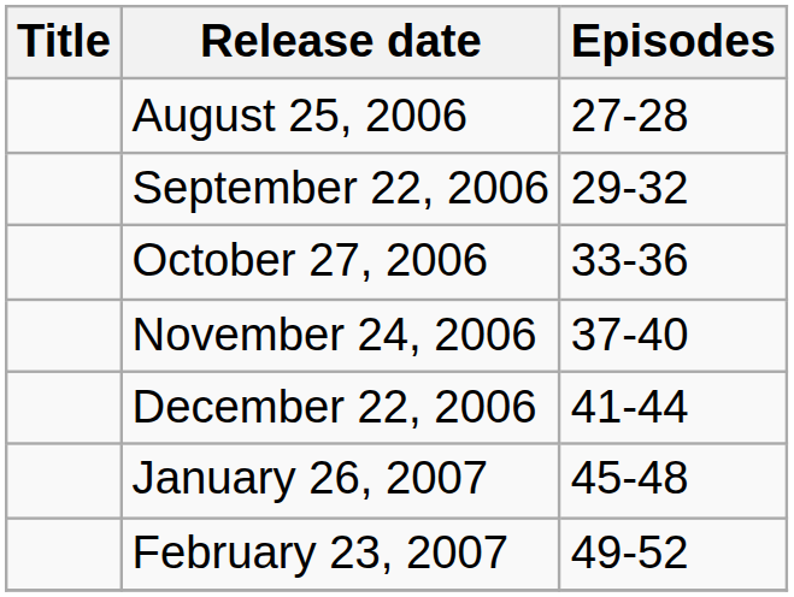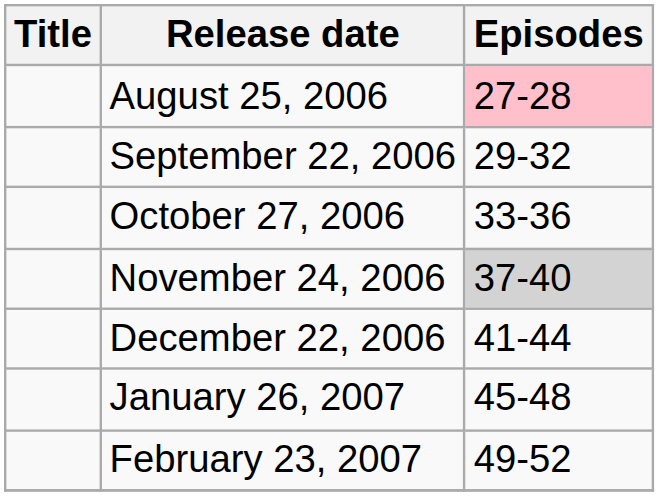 <table class="wikitable">
 <tr>
 <th>Title</th>
 <th>Release date</th>
 <th>Episodes</th>
 </tr>
 <tr>
 <td></td>
 <td>August 25, 2006</td>
-<td>27-28</td>
+<td style="background: pink;">27-28</td>
 </tr>
 <tr>
 <td></td>
 <td>September 22, 2006</td>
 <td>29-32</td>
 </tr>
 <tr>
 <td></td>
 <td>October 27, 2006</td>
 <td>33-36</td>
 </tr>
 <tr>
 <td></td>
 <td>November 24, 2006</td>
-<td>37-40</td>
+<td style="background: lightgrey;">37-40</td>
 </tr>
 <tr>
 <td></td>
 <td>December 22, 2006</td>
 <td>41-44</td>
 </tr>
 <tr>
 <td></td>
 <td>January 26, 2007</td>
 <td>45-48</td>
 </tr>
 <tr>
 <td></td>
 <td>February 23, 2007</td>
 <td>49-52</td>
 </tr>
 <tr>
 </tr>
 </table>
